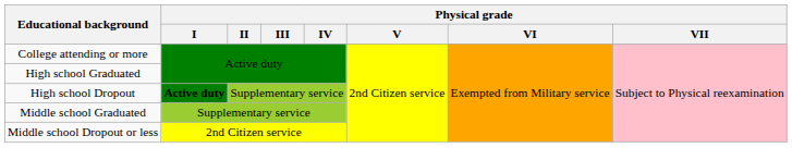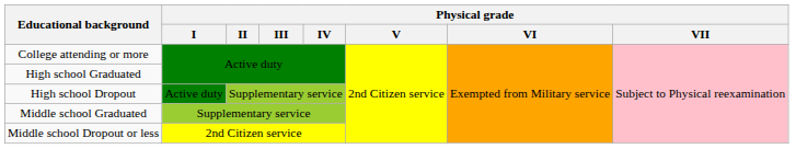 <table class="wikitable">
 <tr>
 <th rowspan="2">Educational background</th>
 <th colspan="7">Physical grade</th>
 </tr>
 <tr>
 <th>I</th>
 <th>II</th>
 <th>III</th>
 <th>IV</th>
 <th>V</th>
 <th>VI</th>
 <th>VII</th>
 </tr>
 <tr>
 <td div style="text-align:center">College attending or more</td>
 <td colspan="4" rowspan="2" div style="background:green; text-align:center;">Active duty</td>
 <td rowspan="5" div style="background:yellow; text-align:center;">2nd Citizen service</td>
 <td rowspan="5" div style="background:orange; text-align:center;">Exempted from Military service</td>
 <td rowspan="5" div style="background:pink; text-align:center;">Subject to Physical reexamination</td>
 </tr>
 <tr>
 <td div style="text-align:center">High school Graduated</td>
 </tr>
 <tr>
 <td div style="text-align:center">High school Dropout</td>
-<td div style="background:green; text-align:center;"><strong>Active duty</strong></td>
+<td div style="background:green; text-align:center;">Active duty</td>
 <td colspan="3" div style="background:yellowgreen; text-align:center;">Supplementary service</td>
 </tr>
 <tr>
 <td div style="text-align:center">Middle school Graduated</td>
 <td colspan="4" div style="background:yellowgreen; text-align:center;">Supplementary service</td>
 </tr>
 <tr>
 <td div style="text-align:center">Middle school Dropout or less</td>
 <td colspan="4" div style="background:yellow; text-align:center;">2nd Citizen service</td>
 </tr>
 </table>
